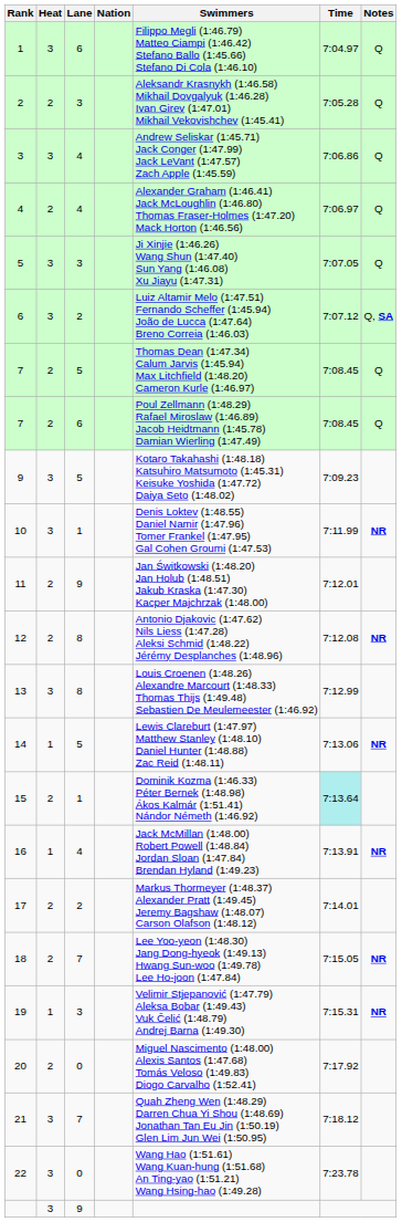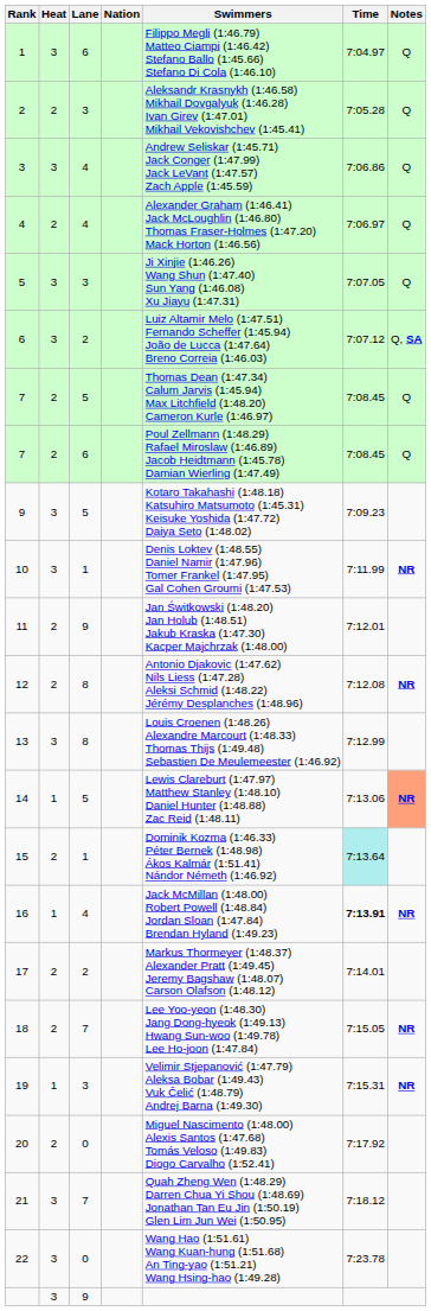 <table class="wikitable sortable" style="text-align:center">
 <tr>
 <th>Rank</th>
 <th>Heat</th>
 <th>Lane</th>
 <th>Nation</th>
 <th>Swimmers</th>
 <th>Time</th>
 <th>Notes</th>
 </tr>
 <tr bgcolor=ccffcc>
 <td>1</td>
 <td>3</td>
 <td>6</td>
 <td align=left></td>
 <td align=left><a href='#'>Filippo Megli</a> (1:46.79)<br><a href='#'>Matteo Ciampi</a> (1:46.42)<br><a href='#'>Stefano Ballo</a> (1:45.66)<br><a href='#'>Stefano Di Cola</a> (1:46.10)</td>
 <td>7:04.97</td>
 <td>Q</td>
 </tr>
 <tr bgcolor=ccffcc>
 <td>2</td>
 <td>2</td>
 <td>3</td>
 <td align=left></td>
 <td align=left><a href='#'>Aleksandr Krasnykh</a> (1:46.58)<br><a href='#'>Mikhail Dovgalyuk</a> (1:46.28)<br><a href='#'>Ivan Girev</a> (1:47.01)<br><a href='#'>Mikhail Vekovishchev</a> (1:45.41)</td>
 <td>7:05.28</td>
 <td>Q</td>
 </tr>
 <tr bgcolor=ccffcc>
 <td>3</td>
 <td>3</td>
 <td>4</td>
 <td align=left></td>
 <td align=left><a href='#'>Andrew Seliskar</a> (1:45.71)<br><a href='#'>Jack Conger</a> (1:47.99)<br><a href='#'>Jack LeVant</a> (1:47.57)<br><a href='#'>Zach Apple</a> (1:45.59)</td>
 <td>7:06.86</td>
 <td>Q</td>
 </tr>
 <tr bgcolor=ccffcc>
 <td>4</td>
 <td>2</td>
 <td>4</td>
 <td align=left></td>
 <td align=left><a href='#'>Alexander Graham</a> (1:46.41)<br><a href='#'>Jack McLoughlin</a> (1:46.80)<br><a href='#'>Thomas Fraser-Holmes</a> (1:47.20)<br><a href='#'>Mack Horton</a> (1:46.56)</td>
 <td>7:06.97</td>
 <td>Q</td>
 </tr>
 <tr bgcolor=ccffcc>
 <td>5</td>
 <td>3</td>
 <td>3</td>
 <td align=left></td>
 <td align=left><a href='#'>Ji Xinjie</a> (1:46.26)<br><a href='#'>Wang Shun</a> (1:47.40)<br><a href='#'>Sun Yang</a> (1:46.08)<br><a href='#'>Xu Jiayu</a> (1:47.31)</td>
 <td>7:07.05</td>
 <td>Q</td>
 </tr>
 <tr bgcolor=ccffcc>
 <td>6</td>
 <td>3</td>
 <td>2</td>
 <td align=left></td>
 <td align=left><a href='#'>Luiz Altamir Melo</a> (1:47.51)<br><a href='#'>Fernando Scheffer</a> (1:45.94)<br><a href='#'>João de Lucca</a> (1:47.64)<br><a href='#'>Breno Correia</a> (1:46.03)</td>
 <td>7:07.12</td>
 <td>Q, <strong><a href='#'>SA</a></strong></td>
 </tr>
 <tr bgcolor=ccffcc>
 <td>7</td>
 <td>2</td>
 <td>5</td>
 <td align=left></td>
 <td align=left><a href='#'>Thomas Dean</a> (1:47.34)<br><a href='#'>Calum Jarvis</a> (1:45.94)<br><a href='#'>Max Litchfield</a> (1:48.20)<br><a href='#'>Cameron Kurle</a> (1:46.97)</td>
 <td>7:08.45</td>
 <td>Q</td>
 </tr>
 <tr bgcolor=ccffcc>
 <td>7</td>
 <td>2</td>
 <td>6</td>
 <td align=left></td>
 <td align=left><a href='#'>Poul Zellmann</a> (1:48.29)<br><a href='#'>Rafael Miroslaw</a> (1:46.89)<br><a href='#'>Jacob Heidtmann</a> (1:45.78)<br><a href='#'>Damian Wierling</a> (1:47.49)</td>
 <td>7:08.45</td>
 <td>Q</td>
 </tr>
 <tr>
 <td>9</td>
 <td>3</td>
 <td>5</td>
 <td align=left></td>
 <td align=left><a href='#'>Kotaro Takahashi</a> (1:48.18)<br><a href='#'>Katsuhiro Matsumoto</a> (1:45.31)<br><a href='#'>Keisuke Yoshida</a> (1:47.72)<br><a href='#'>Daiya Seto</a> (1:48.02)</td>
 <td>7:09.23</td>
 <td></td>
 </tr>
 <tr>
 <td>10</td>
 <td>3</td>
 <td>1</td>
 <td align=left></td>
 <td align=left><a href='#'>Denis Loktev</a> (1:48.55)<br><a href='#'>Daniel Namir</a> (1:47.96)<br><a href='#'>Tomer Frankel</a> (1:47.95)<br><a href='#'>Gal Cohen Groumi</a> (1:47.53)</td>
 <td>7:11.99</td>
 <td><strong><a href='#'>NR</a></strong></td>
 </tr>
 <tr>
 <td>11</td>
 <td>2</td>
 <td>9</td>
 <td align=left></td>
 <td align=left><a href='#'>Jan Świtkowski</a> (1:48.20)<br><a href='#'>Jan Holub</a> (1:48.51)<br><a href='#'>Jakub Kraska</a> (1:47.30)<br><a href='#'>Kacper Majchrzak</a> (1:48.00)</td>
 <td>7:12.01</td>
 <td></td>
 </tr>
 <tr>
 <td>12</td>
 <td>2</td>
 <td>8</td>
 <td align=left></td>
 <td align=left><a href='#'>Antonio Djakovic</a> (1:47.62)<br><a href='#'>Nils Liess</a> (1:47.28)<br><a href='#'>Aleksi Schmid</a> (1:48.22)<br><a href='#'>Jérémy Desplanches</a> (1:48.96)</td>
 <td>7:12.08</td>
 <td><strong><a href='#'>NR</a></strong></td>
 </tr>
 <tr>
 <td>13</td>
 <td>3</td>
 <td>8</td>
 <td align=left></td>
 <td align=left><a href='#'>Louis Croenen</a> (1:48.26)<br><a href='#'>Alexandre Marcourt</a> (1:48.33)<br><a href='#'>Thomas Thijs</a> (1:49.48)<br><a href='#'>Sebastien De Meulemeester</a> (1:46.92)</td>
 <td>7:12.99</td>
 <td></td>
 </tr>
 <tr>
 <td>14</td>
 <td>1</td>
 <td>5</td>
 <td align=left></td>
 <td align=left><a href='#'>Lewis Clareburt</a> (1:47.97)<br><a href='#'>Matthew Stanley</a> (1:48.10)<br><a href='#'>Daniel Hunter</a> (1:48.88)<br><a href='#'>Zac Reid</a> (1:48.11)</td>
 <td>7:13.06</td>
-<td><strong><a href='#'>NR</a></strong></td>
+<td style="background: lightsalmon;"><strong><a href='#'>NR</a></strong></td>
 </tr>
 <tr>
 <td>15</td>
 <td>2</td>
 <td>1</td>
 <td align=left></td>
 <td align=left><a href='#'>Dominik Kozma</a> (1:46.33)<br><a href='#'>Péter Bernek</a> (1:48.98)<br><a href='#'>Ákos Kalmár</a> (1:51.41)<br><a href='#'>Nándor Németh</a> (1:46.92)</td>
 <td style="background: paleturquoise;">7:13.64</td>
 <td></td>
 </tr>
 <tr>
 <td>16</td>
 <td>1</td>
 <td>4</td>
 <td align=left></td>
 <td align=left><a href='#'>Jack McMillan</a> (1:48.00)<br><a href='#'>Robert Powell</a> (1:48.84)<br><a href='#'>Jordan Sloan</a> (1:47.84)<br><a href='#'>Brendan Hyland</a> (1:49.23)</td>
-<td>7:13.91</td>
+<td><strong>7:13.91</strong></td>
 <td><strong><a href='#'>NR</a></strong></td>
 </tr>
 <tr>
 <td>17</td>
 <td>2</td>
 <td>2</td>
 <td align=left></td>
 <td align=left><a href='#'>Markus Thormeyer</a> (1:48.37)<br><a href='#'>Alexander Pratt</a> (1:49.45)<br><a href='#'>Jeremy Bagshaw</a> (1:48.07)<br><a href='#'>Carson Olafson</a> (1:48.12)</td>
 <td>7:14.01</td>
 <td></td>
 </tr>
 <tr>
 <td>18</td>
 <td>2</td>
 <td>7</td>
 <td align=left></td>
 <td align=left><a href='#'>Lee Yoo-yeon</a> (1:48.30)<br><a href='#'>Jang Dong-hyeok</a> (1:49.13)<br><a href='#'>Hwang Sun-woo</a> (1:49.78)<br><a href='#'>Lee Ho-joon</a> (1:47.84)</td>
 <td>7:15.05</td>
 <td><strong><a href='#'>NR</a></strong></td>
 </tr>
 <tr>
 <td>19</td>
 <td>1</td>
 <td>3</td>
 <td align=left></td>
 <td align=left><a href='#'>Velimir Stjepanović</a> (1:47.79)<br><a href='#'>Aleksa Bobar</a> (1:49.43)<br><a href='#'>Vuk Čelić</a> (1:48.79)<br><a href='#'>Andrej Barna</a> (1:49.30)</td>
 <td>7:15.31</td>
 <td><strong><a href='#'>NR</a></strong></td>
 </tr>
 <tr>
 <td>20</td>
 <td>2</td>
 <td>0</td>
 <td align=left></td>
 <td align=left><a href='#'>Miguel Nascimento</a> (1:48.00)<br><a href='#'>Alexis Santos</a> (1:47.68)<br><a href='#'>Tomás Veloso</a> (1:49.83)<br><a href='#'>Diogo Carvalho</a> (1:52.41)</td>
 <td>7:17.92</td>
 <td></td>
 </tr>
 <tr>
 <td>21</td>
 <td>3</td>
 <td>7</td>
 <td align=left></td>
 <td align=left><a href='#'>Quah Zheng Wen</a> (1:48.29)<br><a href='#'>Darren Chua Yi Shou</a> (1:48.69)<br><a href='#'>Jonathan Tan Eu Jin</a> (1:50.19)<br><a href='#'>Glen Lim Jun Wei</a> (1:50.95)</td>
 <td>7:18.12</td>
 <td></td>
 </tr>
 <tr>
 <td>22</td>
 <td>3</td>
 <td>0</td>
 <td align=left></td>
 <td align=left><a href='#'>Wang Hao</a> (1:51.61)<br><a href='#'>Wang Kuan-hung</a> (1:51.68)<br><a href='#'>An Ting-yao</a> (1:51.21)<br><a href='#'>Wang Hsing-hao</a> (1:49.28)</td>
 <td>7:23.78</td>
 <td></td>
 </tr>
 <tr>
 <td></td>
 <td>3</td>
 <td>9</td>
 <td align=left></td>
 <td align=left></td>
 <td colspan=2></td>
 </tr>
 </table>
